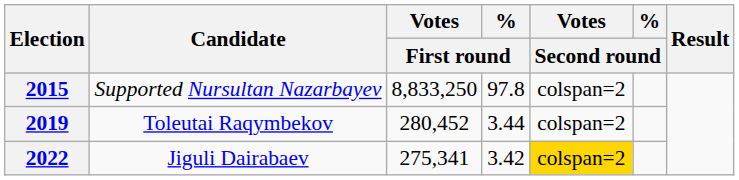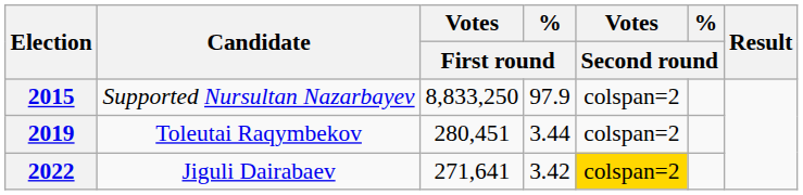 <table class="wikitable" style="text-align:center">
 <tr>
 <th rowspan="2"><strong>Election</strong></th>
 <th rowspan="2">Candidate</th>
 <th><strong>Votes</strong></th>
 <th><strong>%</strong></th>
 <th><strong>Votes</strong></th>
 <th><strong>%</strong></th>
 <th rowspan="2"><strong>Result</strong></th>
 </tr>
 <tr>
 <th colspan="2">First round</th>
 <th colspan="2">Second round</th>
 </tr>
 <tr>
 <th><a href='#'>2015</a></th>
 <td><em>Supported <a href='#'>Nursultan Nazarbayev</a></em></td>
 <td>8,833,250</td>
-<td>97.8</td>
+<td>97.9</td>
 <td>colspan=2 </td>
 <td></td>
 </tr>
 <tr>
 <th><a href='#'>2019</a></th>
 <td><a href='#'>Toleutai Raqymbekov</a></td>
-<td>280,452</td>
+<td>280,451</td>
 <td>3.44</td>
 <td>colspan=2 </td>
 <td></td>
 </tr>
 <tr>
 <th><a href='#'>2022</a></th>
 <td><a href='#'>Jiguli Dairabaev</a></td>
-<td>275,341</td>
+<td>271,641</td>
 <td>3.42</td>
 <td style="background: gold;">colspan=2 </td>
 <td></td>
 </tr>
 </table>
